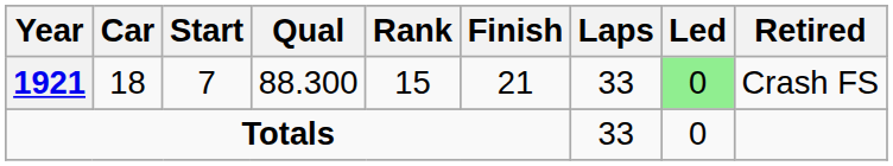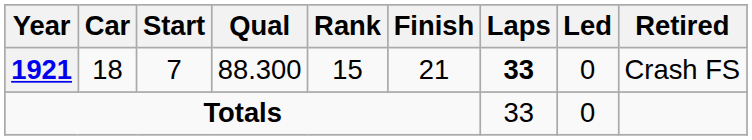 <table class="wikitable" style="text-align:center">
 <tr>
 <th>Year</th>
 <th>Car</th>
 <th>Start</th>
 <th>Qual</th>
 <th>Rank</th>
 <th>Finish</th>
 <th>Laps</th>
 <th>Led</th>
 <th>Retired</th>
 </tr>
 <tr>
 <th><a href='#'>1921</a></th>
 <td>18</td>
 <td>7</td>
 <td>88.300</td>
 <td>15</td>
 <td>21</td>
-<td>33</td>
-<td style="background: lightgreen;">0</td>
+<td><strong>33</strong></td>
+<td>0</td>
 <td>Crash FS</td>
 </tr>
 <tr>
 <td colspan=6><strong>Totals</strong></td>
 <td>33</td>
 <td>0</td>
 <td></td>
 </tr>
 </table>
